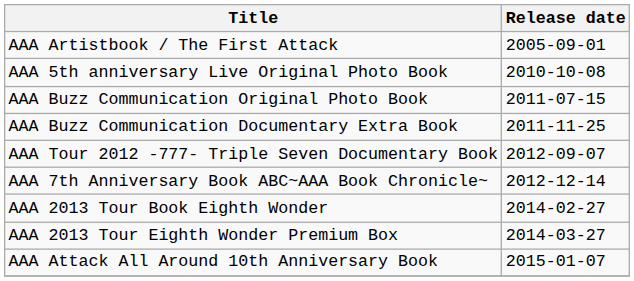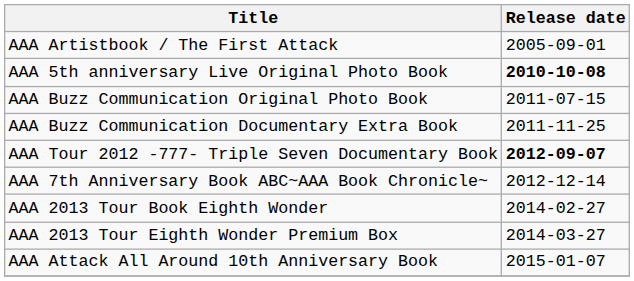 <table class="wikitable">
 <tr>
 <th>Title</th>
 <th>Release date</th>
 </tr>
 <tr>
 <td>AAA Artistbook / The First Attack</td>
 <td>2005-09-01</td>
 </tr>
 <tr>
 <td>AAA 5th anniversary Live Original Photo Book</td>
-<td>2010-10-08</td>
+<td><strong>2010-10-08</strong></td>
 </tr>
 <tr>
 <td>AAA Buzz Communication Original Photo Book</td>
 <td>2011-07-15</td>
 </tr>
 <tr>
 <td>AAA Buzz Communication Documentary Extra Book</td>
 <td>2011-11-25</td>
 </tr>
 <tr>
 <td>AAA Tour 2012 -777- Triple Seven Documentary Book</td>
-<td>2012-09-07</td>
+<td><strong>2012-09-07</strong></td>
 </tr>
 <tr>
 <td>AAA 7th Anniversary Book ABC~AAA Book Chronicle~</td>
 <td>2012-12-14</td>
 </tr>
 <tr>
 <td>AAA 2013 Tour Book Eighth Wonder</td>
 <td>2014-02-27</td>
 </tr>
 <tr>
 <td>AAA 2013 Tour Eighth Wonder Premium Box</td>
 <td>2014-03-27</td>
 </tr>
 <tr>
 <td>AAA Attack All Around 10th Anniversary Book</td>
 <td>2015-01-07</td>
 </tr>
 <tr>
 </tr>
 </table>
